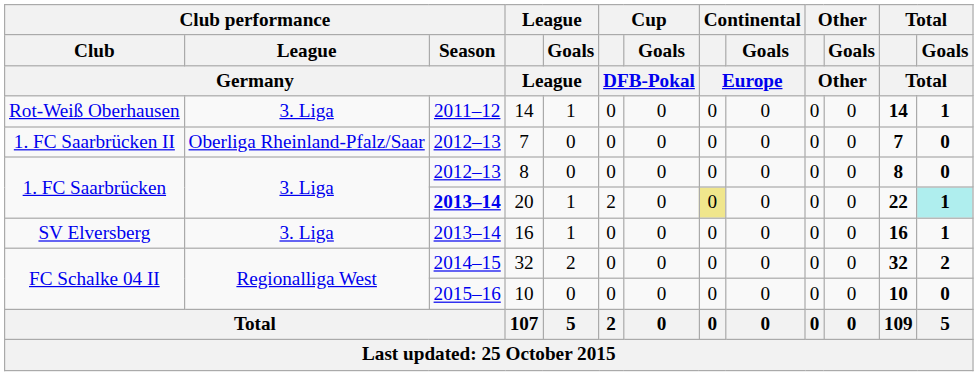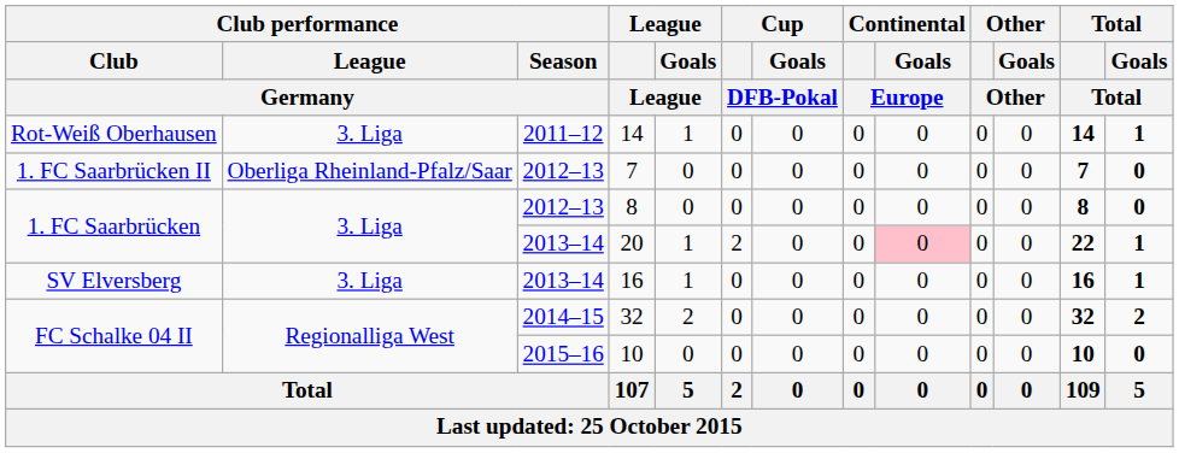 <table class="wikitable" Style="text-align: center">
 <tr>
 <th colspan="3">Club performance</th>
 <th colspan="2">League</th>
 <th colspan="2">Cup</th>
 <th colspan="2">Continental</th>
 <th colspan="2">Other</th>
 <th colspan="2">Total</th>
 </tr>
 <tr>
 <th>Club</th>
 <th>League</th>
 <th>Season</th>
 <th></th>
 <th>Goals</th>
 <th></th>
 <th>Goals</th>
 <th></th>
 <th>Goals</th>
 <th></th>
 <th>Goals</th>
 <th></th>
 <th>Goals</th>
 </tr>
 <tr>
 <th colspan="3">Germany</th>
 <th colspan="2">League</th>
 <th colspan="2"><a href='#'>DFB-Pokal</a></th>
 <th colspan="2"><a href='#'>Europe</a></th>
 <th colspan="2">Other</th>
 <th colspan="2">Total</th>
 </tr>
 <tr>
 <td rowspan="1"><a href='#'>Rot-Weiß Oberhausen</a></td>
 <td rowspan="1"><a href='#'>3. Liga</a></td>
 <td><a href='#'>2011–12</a></td>
 <td>14</td>
 <td>1</td>
 <td>0</td>
 <td>0</td>
 <td>0</td>
 <td>0</td>
 <td>0</td>
 <td>0</td>
 <td><strong>14</strong></td>
 <td><strong>1</strong></td>
 </tr>
 <tr>
 <td rowspan="1"><a href='#'>1. FC Saarbrücken II</a></td>
 <td rowspan="1"><a href='#'>Oberliga Rheinland-Pfalz/Saar</a></td>
 <td><a href='#'>2012–13</a></td>
 <td>7</td>
 <td>0</td>
 <td>0</td>
 <td>0</td>
 <td>0</td>
 <td>0</td>
 <td>0</td>
 <td>0</td>
 <td><strong>7</strong></td>
 <td><strong>0</strong></td>
 </tr>
 <tr>
 <td rowspan="2"><a href='#'>1. FC Saarbrücken</a></td>
 <td rowspan="2"><a href='#'>3. Liga</a></td>
 <td><a href='#'>2012–13</a></td>
 <td>8</td>
 <td>0</td>
 <td>0</td>
 <td>0</td>
 <td>0</td>
 <td>0</td>
 <td>0</td>
 <td>0</td>
 <td><strong>8</strong></td>
 <td><strong>0</strong></td>
 </tr>
 <tr>
-<td><strong><a href='#'>2013–14</a></strong></td>
+<td><a href='#'>2013–14</a></td>
 <td>20</td>
 <td>1</td>
 <td>2</td>
 <td>0</td>
-<td style="background: khaki;">0</td>
 <td>0</td>
+<td style="background: pink;">0</td>
 <td>0</td>
 <td>0</td>
 <td><strong>22</strong></td>
-<td style="background: paleturquoise;"><strong>1</strong></td>
+<td><strong>1</strong></td>
 </tr>
 <tr>
 <td rowspan="1"><a href='#'>SV Elversberg</a></td>
 <td rowspan="1"><a href='#'>3. Liga</a></td>
 <td><a href='#'>2013–14</a></td>
 <td>16</td>
 <td>1</td>
 <td>0</td>
 <td>0</td>
 <td>0</td>
 <td>0</td>
 <td>0</td>
 <td>0</td>
 <td><strong>16</strong></td>
 <td><strong>1</strong></td>
 </tr>
 <tr>
 <td rowspan="2"><a href='#'>FC Schalke 04 II</a></td>
 <td rowspan="2"><a href='#'>Regionalliga West</a></td>
 <td><a href='#'>2014–15</a></td>
 <td>32</td>
 <td>2</td>
 <td>0</td>
 <td>0</td>
 <td>0</td>
 <td>0</td>
 <td>0</td>
 <td>0</td>
 <td><strong>32</strong></td>
 <td><strong>2</strong></td>
 </tr>
 <tr>
 <td><a href='#'>2015–16</a></td>
 <td>10</td>
 <td>0</td>
 <td>0</td>
 <td>0</td>
 <td>0</td>
 <td>0</td>
 <td>0</td>
 <td>0</td>
 <td><strong>10</strong></td>
 <td><strong>0</strong></td>
 </tr>
 <tr>
 <th colspan="3">Total</th>
 <th>107</th>
 <th>5</th>
 <th>2</th>
 <th>0</th>
 <th>0</th>
 <th>0</th>
 <th>0</th>
 <th>0</th>
 <th>109</th>
 <th>5</th>
 </tr>
 <tr>
 <th colspan="14">Last updated: 25 October 2015</th>
 </tr>
 </table>
